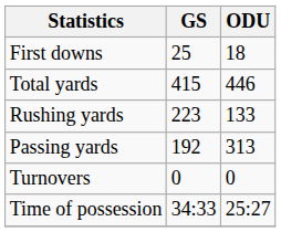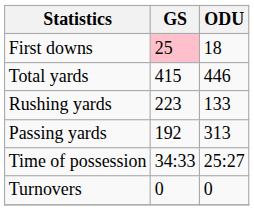 <table class="wikitable" style="float: left;">
 <tr>
 <th>Statistics</th>
 <th>GS</th>
 <th>ODU</th>
 </tr>
 <tr>
 <td>First downs</td>
-<td>25</td>
+<td style="background: pink;">25</td>
 <td>18</td>
 </tr>
 <tr>
 <td>Total yards</td>
 <td>415</td>
 <td>446</td>
 </tr>
 <tr>
 <td>Rushing yards</td>
 <td>223</td>
 <td>133</td>
 </tr>
 <tr>
 <td>Passing yards</td>
 <td>192</td>
 <td>313</td>
 </tr>
 <tr>
+<td>Time of possession</td>
+<td>34:33</td>
+<td>25:27</td>
+</tr>
+<tr>
 <td>Turnovers</td>
 <td>0</td>
 <td>0</td>
 </tr>
 <tr>
-<td>Time of possession</td>
-<td>34:33</td>
-<td>25:27</td>
-</tr>
-<tr>
 </tr>
 </table>
